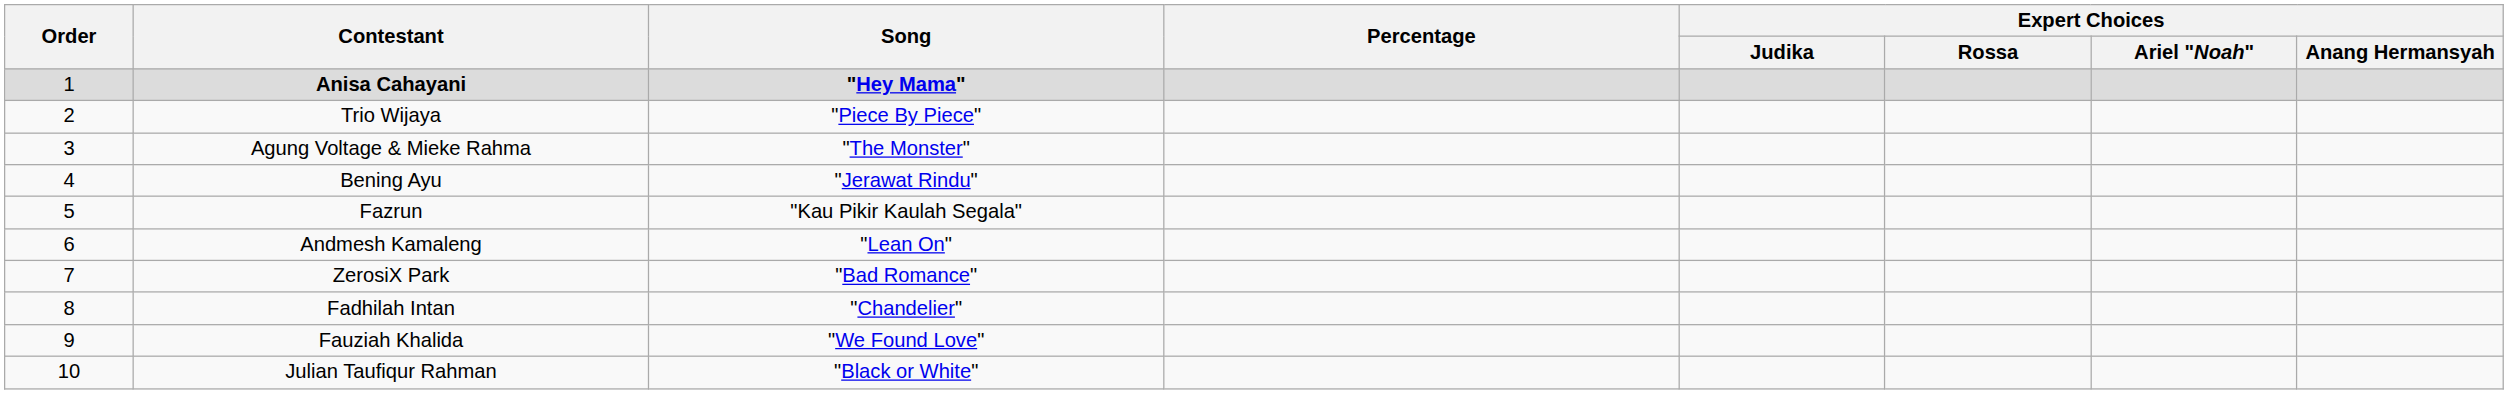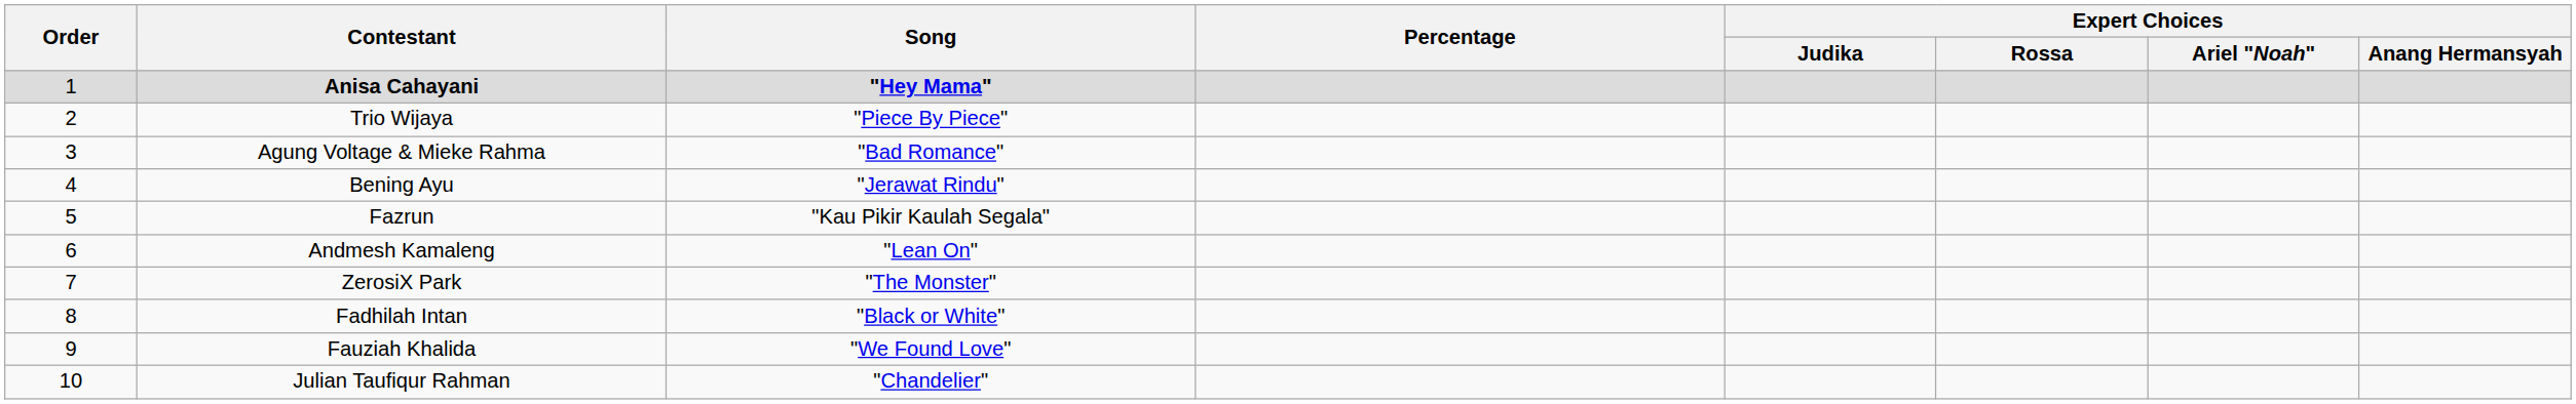 <table class="wikitable" style="text-align:center; width:100%;">
 <tr>
 <th scope="col" rowspan="2" style="width:05%;">Order</th>
 <th scope="col" rowspan="2" style="width:20%;">Contestant</th>
 <th scope="col" rowspan="2" style="width:20%;">Song</th>
 <th scope="col" rowspan="2" style="width:20%;">Percentage</th>
 <th scope="col" colspan="4" style="width:32%;">Expert Choices</th>
 </tr>
 <tr>
 <th style="width:08%;">Judika</th>
 <th style="width:08%;">Rossa</th>
 <th style="width:08%;">Ariel "<em>Noah</em>"</th>
 <th style="width:08%;">Anang Hermansyah</th>
 </tr>
 <tr style="background:#DCDCDC;">
 <td>1</td>
 <td><strong>Anisa Cahayani</strong></td>
 <td><strong>"<a href='#'>Hey Mama</a>"</strong></td>
 <td></td>
 <td></td>
 <td></td>
 <td></td>
 <td></td>
 </tr>
 <tr>
 <td>2</td>
 <td>Trio Wijaya</td>
 <td>"<a href='#'>Piece By Piece</a>"</td>
 <td></td>
 <td></td>
 <td></td>
 <td></td>
 <td></td>
 </tr>
 <tr>
 <td>3</td>
 <td>Agung Voltage & Mieke Rahma</td>
-<td>"<a href='#'>The Monster</a>"</td>
+<td>"<a href='#'>Bad Romance</a>"</td>
 <td></td>
 <td></td>
 <td></td>
 <td></td>
 <td></td>
 </tr>
 <tr>
 <td>4</td>
 <td>Bening Ayu</td>
 <td>"<a href='#'>Jerawat Rindu</a>"</td>
 <td></td>
 <td></td>
 <td></td>
 <td></td>
 <td></td>
 </tr>
 <tr>
 <td>5</td>
 <td>Fazrun</td>
 <td>"Kau Pikir Kaulah Segala"</td>
 <td></td>
 <td></td>
 <td></td>
 <td></td>
 <td></td>
 </tr>
 <tr>
 <td>6</td>
 <td>Andmesh Kamaleng</td>
 <td>"<a href='#'>Lean On</a>"</td>
 <td></td>
 <td></td>
 <td></td>
 <td></td>
 <td></td>
 </tr>
 <tr>
 <td>7</td>
 <td>ZerosiX Park</td>
-<td>"<a href='#'>Bad Romance</a>"</td>
+<td>"<a href='#'>The Monster</a>"</td>
 <td></td>
 <td></td>
 <td></td>
 <td></td>
 <td></td>
 </tr>
 <tr>
 <td>8</td>
 <td>Fadhilah Intan</td>
-<td>"<a href='#'>Chandelier</a>"</td>
+<td>"<a href='#'>Black or White</a>"</td>
 <td></td>
 <td></td>
 <td></td>
 <td></td>
 <td></td>
 </tr>
 <tr>
 <td>9</td>
 <td>Fauziah Khalida</td>
 <td>"<a href='#'>We Found Love</a>"</td>
 <td></td>
 <td></td>
 <td></td>
 <td></td>
 <td></td>
 </tr>
 <tr>
 <td>10</td>
 <td>Julian Taufiqur Rahman</td>
-<td>"<a href='#'>Black or White</a>"</td>
+<td>"<a href='#'>Chandelier</a>"</td>
 <td></td>
 <td></td>
 <td></td>
 <td></td>
 <td></td>
 </tr>
 </table>
